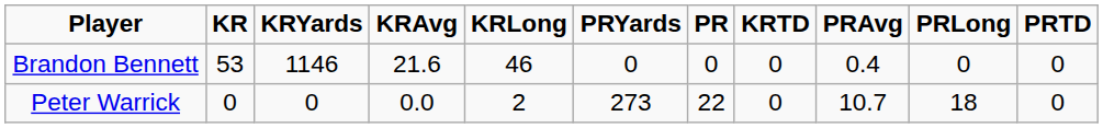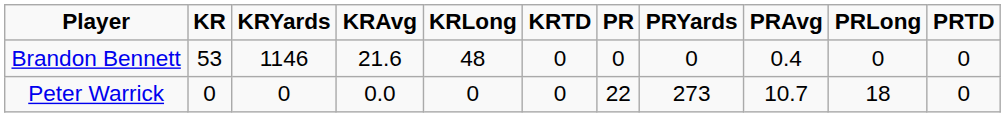 <table class="wikitable" style="width:80%;">
 <tr style="text-align:center; ">
 <td><strong>Player</strong></td>
 <td><strong>KR</strong></td>
 <td><strong>KRYards</strong></td>
 <td><strong>KRAvg</strong></td>
 <td><strong>KRLong</strong></td>
+<td><strong>KRTD</strong></td>
+<td><strong>PR</strong></td>
 <td><strong>PRYards</strong></td>
-<td><strong>PR</strong></td>
-<td><strong>KRTD</strong></td>
 <td><strong>PRAvg</strong></td>
 <td><strong>PRLong</strong></td>
 <td><strong>PRTD</strong></td>
 </tr>
 <tr style="text-align:center;" bgcolor="">
 <td><a href='#'>Brandon Bennett</a></td>
 <td>53</td>
 <td>1146</td>
 <td>21.6</td>
-<td>46</td>
+<td>48</td>
 <td>0</td>
 <td>0</td>
 <td>0</td>
 <td>0.4</td>
 <td>0</td>
 <td>0</td>
 </tr>
 <tr style="text-align:center;" bgcolor="">
 <td><a href='#'>Peter Warrick</a></td>
 <td>0</td>
 <td>0</td>
 <td>0.0</td>
-<td>2</td>
+<td>0</td>
+<td>0</td>
+<td>22</td>
 <td>273</td>
-<td>22</td>
-<td>0</td>
 <td>10.7</td>
 <td>18</td>
 <td>0</td>
 </tr>
 </table>
